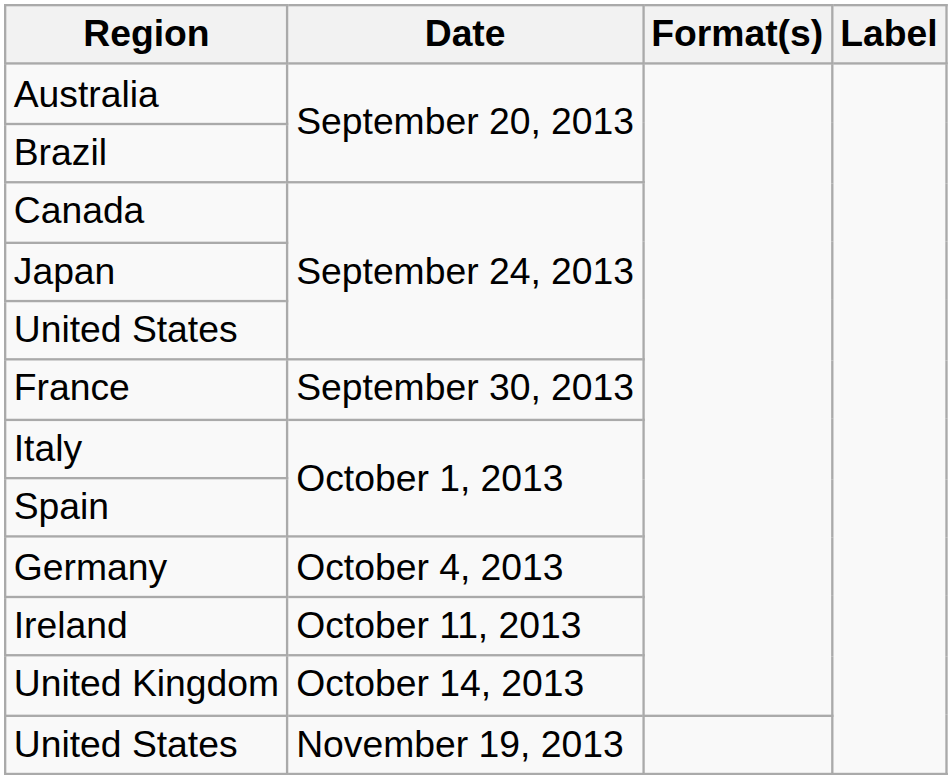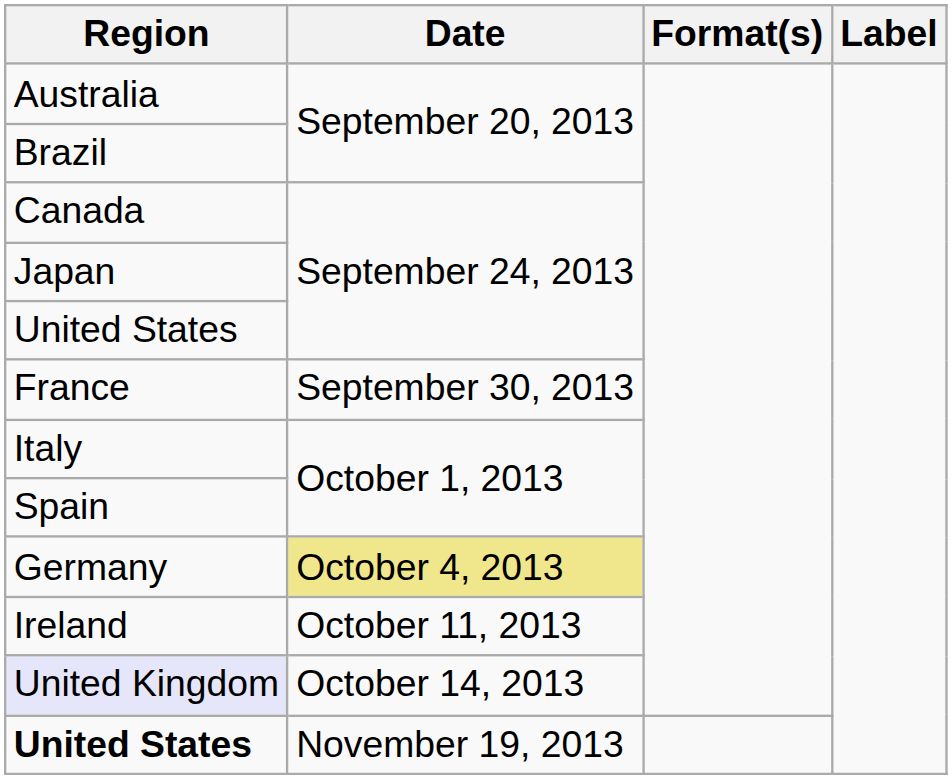 <table class="wikitable">
 <tr>
 <th>Region</th>
 <th>Date</th>
 <th>Format(s)</th>
 <th>Label</th>
 </tr>
 <tr>
 <td>Australia</td>
 <td rowspan="2">September 20, 2013</td>
 <td rowspan="11"></td>
 <td rowspan="12"></td>
 </tr>
 <tr>
 <td>Brazil</td>
 </tr>
 <tr>
 <td>Canada</td>
 <td rowspan="3">September 24, 2013</td>
 </tr>
 <tr>
 <td>Japan</td>
 </tr>
 <tr>
 <td>United States</td>
 </tr>
 <tr>
 <td>France</td>
 <td rowspan="1">September 30, 2013</td>
 </tr>
 <tr>
 <td>Italy</td>
 <td rowspan="2">October 1, 2013</td>
 </tr>
 <tr>
 <td>Spain</td>
 </tr>
 <tr>
 <td>Germany</td>
-<td>October 4, 2013</td>
+<td style="background: khaki;">October 4, 2013</td>
 </tr>
 <tr>
 <td>Ireland</td>
 <td>October 11, 2013</td>
 </tr>
 <tr>
-<td>United Kingdom</td>
+<td style="background: lavender;">United Kingdom</td>
 <td>October 14, 2013</td>
 </tr>
 <tr>
-<td>United States</td>
+<td><strong>United States</strong></td>
 <td>November 19, 2013</td>
 <td rowspan="1"></td>
 </tr>
 <tr>
 </tr>
 </table>
